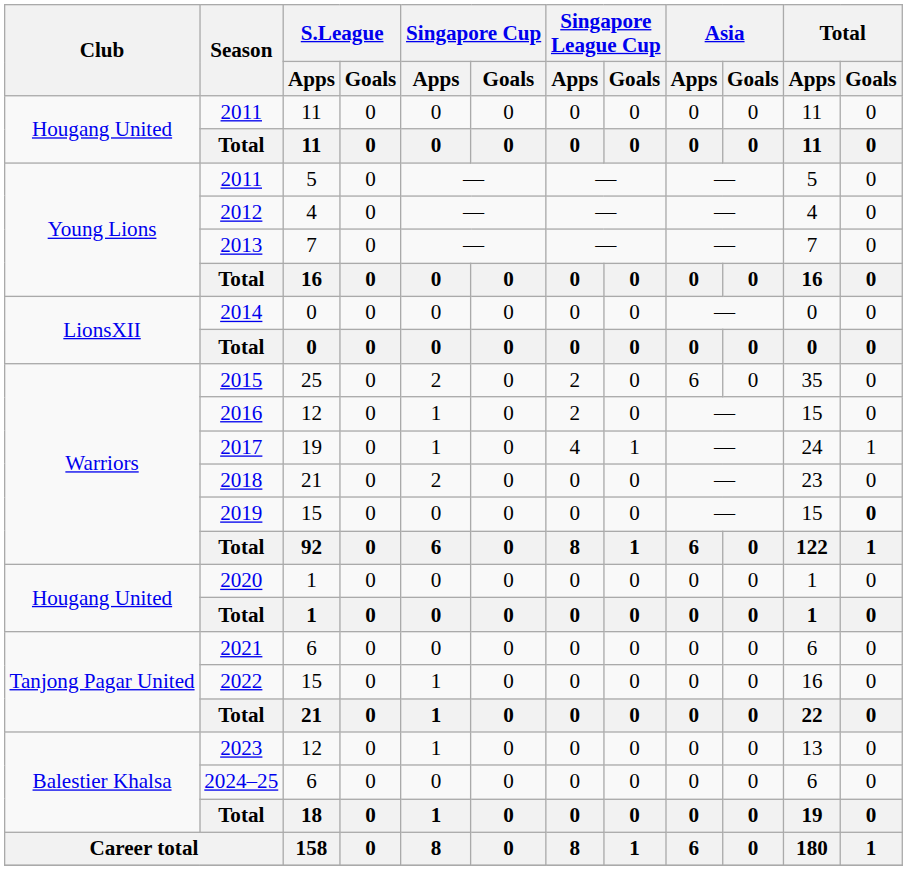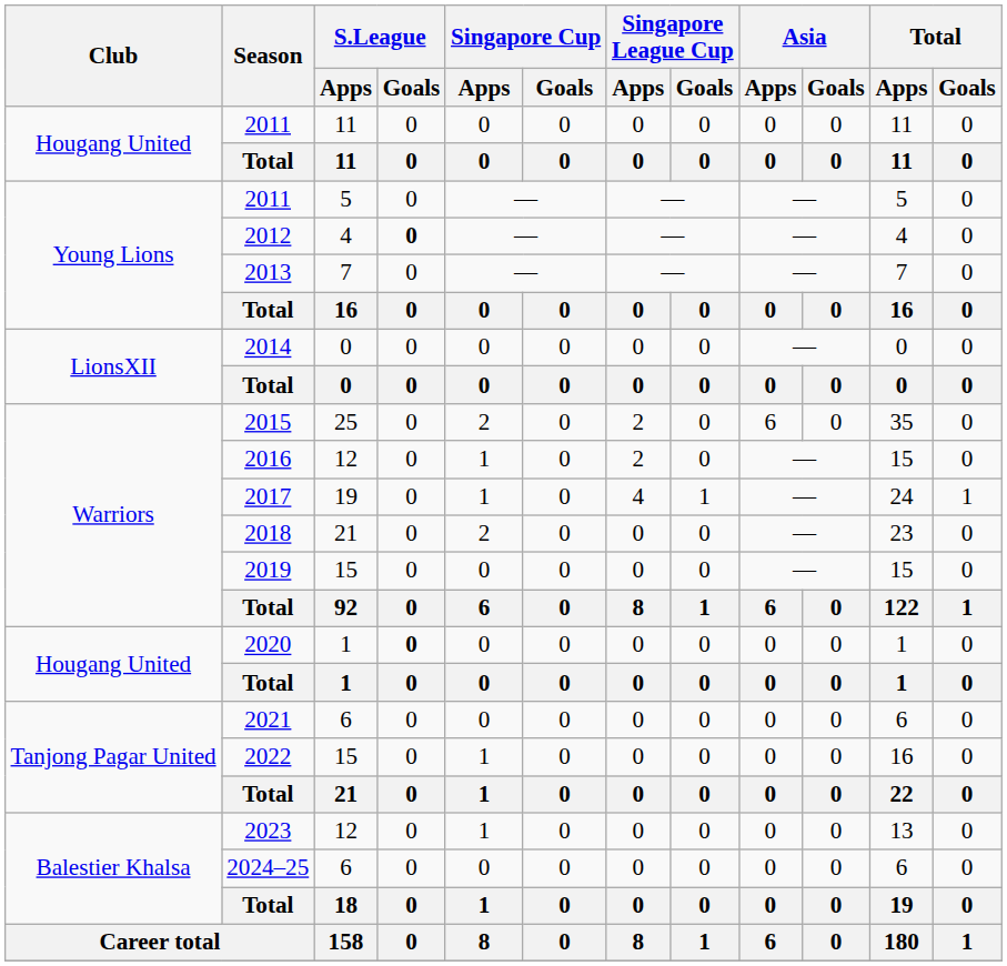 <table class="wikitable" style="text-align:center">
 <tr>
 <th rowspan="2">Club</th>
 <th rowspan="2">Season</th>
 <th colspan="2"><a href='#'>S.League</a></th>
 <th colspan="2"><a href='#'>Singapore Cup</a></th>
 <th colspan="2"><a href='#'>Singapore<br>League Cup</a></th>
 <th colspan="2"><a href='#'>Asia</a></th>
 <th colspan="2">Total</th>
 </tr>
 <tr>
 <th>Apps</th>
 <th>Goals</th>
 <th>Apps</th>
 <th>Goals</th>
 <th>Apps</th>
 <th>Goals</th>
 <th>Apps</th>
 <th>Goals</th>
 <th>Apps</th>
 <th>Goals</th>
 </tr>
 <tr>
 <td rowspan="2"><a href='#'>Hougang United</a></td>
 <td><a href='#'>2011</a></td>
 <td>11</td>
 <td>0</td>
 <td>0</td>
 <td>0</td>
 <td>0</td>
 <td>0</td>
 <td>0</td>
 <td>0</td>
 <td>11</td>
 <td>0</td>
 </tr>
 <tr>
 <th>Total</th>
 <th>11</th>
 <th>0</th>
 <th>0</th>
 <th>0</th>
 <th>0</th>
 <th>0</th>
 <th>0</th>
 <th>0</th>
 <th>11</th>
 <th>0</th>
 </tr>
 <tr>
 <td rowspan="4"><a href='#'>Young Lions</a></td>
 <td><a href='#'>2011</a></td>
 <td>5</td>
 <td>0</td>
 <td colspan='2'>—</td>
 <td colspan='2'>—</td>
 <td colspan='2'>—</td>
 <td>5</td>
 <td>0</td>
 </tr>
 <tr>
 <td><a href='#'>2012</a></td>
 <td>4</td>
-<td>0</td>
+<td><strong>0</strong></td>
 <td colspan='2'>—</td>
 <td colspan='2'>—</td>
 <td colspan='2'>—</td>
 <td>4</td>
 <td>0</td>
 </tr>
 <tr>
 <td><a href='#'>2013</a></td>
 <td>7</td>
 <td>0</td>
 <td colspan='2'>—</td>
 <td colspan='2'>—</td>
 <td colspan='2'>—</td>
 <td>7</td>
 <td>0</td>
 </tr>
 <tr>
 <th>Total</th>
 <th>16</th>
 <th>0</th>
 <th>0</th>
 <th>0</th>
 <th>0</th>
 <th>0</th>
 <th>0</th>
 <th>0</th>
 <th>16</th>
 <th>0</th>
 </tr>
 <tr>
 <td rowspan="2"><a href='#'>LionsXII</a></td>
 <td><a href='#'>2014</a></td>
 <td>0</td>
 <td>0</td>
 <td>0</td>
 <td>0</td>
 <td>0</td>
 <td>0</td>
 <td colspan='2'>—</td>
 <td>0</td>
 <td>0</td>
 </tr>
 <tr>
 <th>Total</th>
 <th>0</th>
 <th>0</th>
 <th>0</th>
 <th>0</th>
 <th>0</th>
 <th>0</th>
 <th>0</th>
 <th>0</th>
 <th>0</th>
 <th>0</th>
 </tr>
 <tr>
 <td rowspan="6"><a href='#'>Warriors</a></td>
 <td><a href='#'>2015</a></td>
 <td>25</td>
 <td>0</td>
 <td>2</td>
 <td>0</td>
 <td>2</td>
 <td>0</td>
 <td>6</td>
 <td>0</td>
 <td>35</td>
 <td>0</td>
 </tr>
 <tr>
 <td><a href='#'>2016</a></td>
 <td>12</td>
 <td>0</td>
 <td>1</td>
 <td>0</td>
 <td>2</td>
 <td>0</td>
 <td colspan='2'>—</td>
 <td>15</td>
 <td>0</td>
 </tr>
 <tr>
 <td><a href='#'>2017</a></td>
 <td>19</td>
 <td>0</td>
 <td>1</td>
 <td>0</td>
 <td>4</td>
 <td>1</td>
 <td colspan='2'>—</td>
 <td>24</td>
 <td>1</td>
 </tr>
 <tr>
 <td><a href='#'>2018</a></td>
 <td>21</td>
 <td>0</td>
 <td>2</td>
 <td>0</td>
 <td>0</td>
 <td>0</td>
 <td colspan='2'>—</td>
 <td>23</td>
 <td>0</td>
 </tr>
 <tr>
 <td><a href='#'>2019</a></td>
 <td>15</td>
 <td>0</td>
 <td>0</td>
 <td>0</td>
 <td>0</td>
 <td>0</td>
 <td colspan='2'>—</td>
 <td>15</td>
-<td><strong>0</strong></td>
+<td>0</td>
 </tr>
 <tr>
 <th>Total</th>
 <th>92</th>
 <th>0</th>
 <th>6</th>
 <th>0</th>
 <th>8</th>
 <th>1</th>
 <th>6</th>
 <th>0</th>
 <th>122</th>
 <th>1</th>
 </tr>
 <tr>
 <td rowspan="2"><a href='#'>Hougang United</a></td>
 <td><a href='#'>2020</a></td>
 <td>1</td>
-<td>0</td>
+<td><strong>0</strong></td>
 <td>0</td>
 <td>0</td>
 <td>0</td>
 <td>0</td>
 <td>0</td>
 <td>0</td>
 <td>1</td>
 <td>0</td>
 </tr>
 <tr>
 <th>Total</th>
 <th>1</th>
 <th>0</th>
 <th>0</th>
 <th>0</th>
 <th>0</th>
 <th>0</th>
 <th>0</th>
 <th>0</th>
 <th>1</th>
 <th>0</th>
 </tr>
 <tr>
 <td rowspan="3"><a href='#'>Tanjong Pagar United</a></td>
 <td><a href='#'>2021</a></td>
 <td>6</td>
 <td>0</td>
 <td>0</td>
 <td>0</td>
 <td>0</td>
 <td>0</td>
 <td>0</td>
 <td>0</td>
 <td>6</td>
 <td>0</td>
 </tr>
 <tr>
 <td><a href='#'>2022</a></td>
 <td>15</td>
 <td>0</td>
 <td>1</td>
 <td>0</td>
 <td>0</td>
 <td>0</td>
 <td>0</td>
 <td>0</td>
 <td>16</td>
 <td>0</td>
 </tr>
 <tr>
 <th>Total</th>
 <th>21</th>
 <th>0</th>
 <th>1</th>
 <th>0</th>
 <th>0</th>
 <th>0</th>
 <th>0</th>
 <th>0</th>
 <th>22</th>
 <th>0</th>
 </tr>
 <tr>
 <td rowspan="3"><a href='#'>Balestier Khalsa</a></td>
 <td><a href='#'>2023</a></td>
 <td>12</td>
 <td>0</td>
 <td>1</td>
 <td>0</td>
 <td>0</td>
 <td>0</td>
 <td>0</td>
 <td>0</td>
 <td>13</td>
 <td>0</td>
 </tr>
 <tr>
 <td><a href='#'>2024–25</a></td>
 <td>6</td>
 <td>0</td>
 <td>0</td>
 <td>0</td>
 <td>0</td>
 <td>0</td>
 <td>0</td>
 <td>0</td>
 <td>6</td>
 <td>0</td>
 </tr>
 <tr>
 <th>Total</th>
 <th>18</th>
 <th>0</th>
 <th>1</th>
 <th>0</th>
 <th>0</th>
 <th>0</th>
 <th>0</th>
 <th>0</th>
 <th>19</th>
 <th>0</th>
 </tr>
 <tr>
 <th colspan="2">Career total</th>
 <th>158</th>
 <th>0</th>
 <th>8</th>
 <th>0</th>
 <th>8</th>
 <th>1</th>
 <th>6</th>
 <th>0</th>
 <th>180</th>
 <th>1</th>
 </tr>
 <tr>
 </tr>
 </table>
